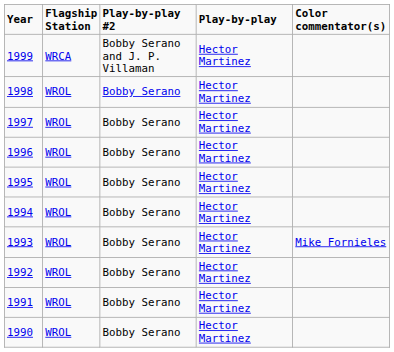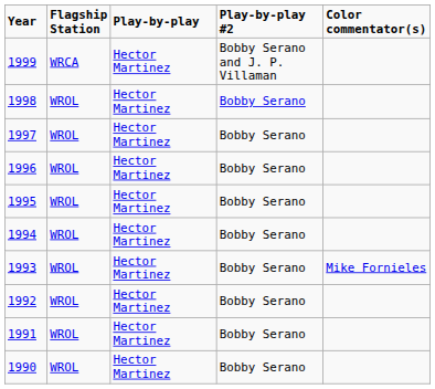 <table class="wikitable">
 <tr>
 <td width="40"><strong>Year</strong></td>
 <td width="40"><strong>Flagship Station</strong></td>
+<td width="110"><strong>Play-by-play</strong></td>
 <td width="110"><strong>Play-by-play #2</strong></td>
-<td width="110"><strong>Play-by-play</strong></td>
 <td width="110"><strong>Color commentator(s)</strong></td>
 </tr>
 <tr>
 <td><a href='#'>1999</a></td>
 <td><a href='#'>WRCA</a></td>
+<td><a href='#'>Hector Martinez</a></td>
 <td>Bobby Serano and J. P. Villaman</td>
-<td><a href='#'>Hector Martinez</a></td>
 <td></td>
 </tr>
 <tr>
 <td><a href='#'>1998</a></td>
 <td><a href='#'>WROL</a></td>
+<td><a href='#'>Hector Martinez</a></td>
 <td><a href='#'>Bobby Serano</a></td>
-<td><a href='#'>Hector Martinez</a></td>
 <td></td>
 </tr>
 <tr>
 <td><a href='#'>1997</a></td>
 <td><a href='#'>WROL</a></td>
+<td><a href='#'>Hector Martinez</a></td>
 <td>Bobby Serano</td>
-<td><a href='#'>Hector Martinez</a></td>
 <td></td>
 </tr>
 <tr>
 <td><a href='#'>1996</a></td>
 <td><a href='#'>WROL</a></td>
+<td><a href='#'>Hector Martinez</a></td>
 <td>Bobby Serano</td>
-<td><a href='#'>Hector Martinez</a></td>
 <td></td>
 </tr>
 <tr>
 <td><a href='#'>1995</a></td>
 <td><a href='#'>WROL</a></td>
+<td><a href='#'>Hector Martinez</a></td>
 <td>Bobby Serano</td>
-<td><a href='#'>Hector Martinez</a></td>
 <td></td>
 </tr>
 <tr>
 <td><a href='#'>1994</a></td>
 <td><a href='#'>WROL</a></td>
+<td><a href='#'>Hector Martinez</a></td>
 <td>Bobby Serano</td>
-<td><a href='#'>Hector Martinez</a></td>
 <td></td>
 </tr>
 <tr>
 <td><a href='#'>1993</a></td>
 <td><a href='#'>WROL</a></td>
+<td><a href='#'>Hector Martinez</a></td>
 <td>Bobby Serano</td>
-<td><a href='#'>Hector Martinez</a></td>
 <td><a href='#'>Mike Fornieles</a></td>
 </tr>
 <tr>
 <td><a href='#'>1992</a></td>
 <td><a href='#'>WROL</a></td>
+<td><a href='#'>Hector Martinez</a></td>
 <td>Bobby Serano</td>
-<td><a href='#'>Hector Martinez</a></td>
 <td></td>
 </tr>
 <tr>
 <td><a href='#'>1991</a></td>
 <td><a href='#'>WROL</a></td>
+<td><a href='#'>Hector Martinez</a></td>
 <td>Bobby Serano</td>
-<td><a href='#'>Hector Martinez</a></td>
 <td></td>
 </tr>
 <tr>
 <td><a href='#'>1990</a></td>
 <td><a href='#'>WROL</a></td>
+<td><a href='#'>Hector Martinez</a></td>
 <td>Bobby Serano</td>
-<td><a href='#'>Hector Martinez</a></td>
 <td></td>
 </tr>
 </table>
